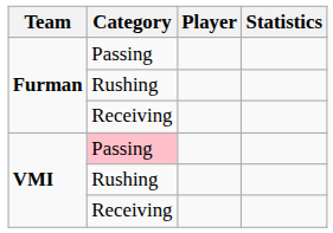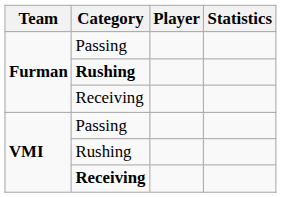 <table class="wikitable" style="float: right;">
 <tr>
 <th>Team</th>
 <th>Category</th>
 <th>Player</th>
 <th>Statistics</th>
 </tr>
 <tr>
 <td rowspan=3><strong>Furman</strong></td>
 <td>Passing</td>
 <td></td>
 <td></td>
 </tr>
 <tr>
-<td>Rushing</td>
+<td><strong>Rushing</strong></td>
 <td></td>
 <td></td>
 </tr>
 <tr>
 <td>Receiving</td>
 <td></td>
 <td></td>
 </tr>
 <tr>
 <td rowspan=3><strong>VMI</strong></td>
-<td style="background: pink;">Passing</td>
+<td>Passing</td>
 <td></td>
 <td></td>
 </tr>
 <tr>
 <td>Rushing</td>
 <td></td>
 <td></td>
 </tr>
 <tr>
-<td>Receiving</td>
+<td><strong>Receiving</strong></td>
 <td></td>
 <td></td>
 </tr>
 </table>
